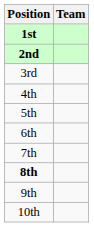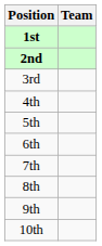 <table class="wikitable">
 <tr>
 <th width=>Position</th>
 <th width=>Team</th>
 </tr>
 <tr style="background:#cfc">
 <td style="text-align:center"><strong>1st</strong></td>
 <td><strong></strong></td>
 </tr>
 <tr style="background:#cfc">
 <td style="text-align:center"><strong>2nd</strong></td>
 <td><strong></strong></td>
 </tr>
 <tr>
 <td style="text-align:center">3rd</td>
 <td></td>
 </tr>
 <tr>
 <td style="text-align:center">4th</td>
 <td></td>
 </tr>
 <tr>
 <td style="text-align:center">5th</td>
 <td></td>
 </tr>
 <tr>
 <td style="text-align:center">6th</td>
 <td></td>
 </tr>
 <tr>
 <td style="text-align:center">7th</td>
 <td></td>
 </tr>
 <tr>
-<td style="text-align:center"><strong>8th</strong></td>
+<td style="text-align:center">8th</td>
 <td></td>
 </tr>
 <tr>
 <td style="text-align:center">9th</td>
 <td></td>
 </tr>
 <tr>
 <td style="text-align:center">10th</td>
 <td></td>
 </tr>
 </table>
